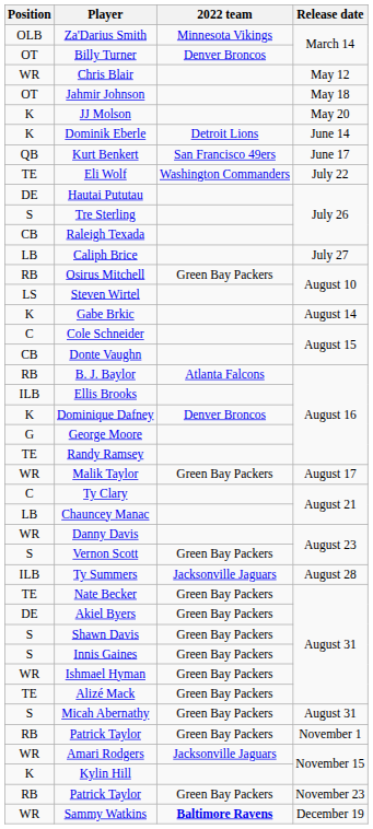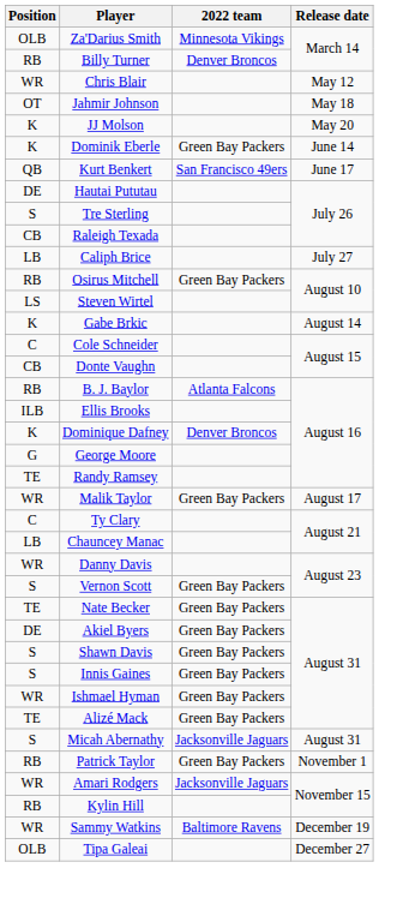 <table class="wikitable" style="text-align:center">
 <tr>
 <th>Position</th>
 <th>Player</th>
 <th>2022 team</th>
 <th>Release date</th>
 </tr>
 <tr>
 <td>OLB</td>
 <td><a href='#'>Za'Darius Smith</a></td>
 <td><a href='#'>Minnesota Vikings</a></td>
 <td rowspan="2">March 14</td>
 </tr>
 <tr>
-<td>OT</td>
+<td>RB</td>
 <td><a href='#'>Billy Turner</a></td>
 <td><a href='#'>Denver Broncos</a></td>
 </tr>
 <tr>
 <td>WR</td>
 <td><a href='#'>Chris Blair</a></td>
 <td></td>
 <td>May 12</td>
 </tr>
 <tr>
 <td>OT</td>
 <td><a href='#'>Jahmir Johnson</a></td>
 <td></td>
 <td>May 18</td>
 </tr>
 <tr>
 <td>K</td>
 <td><a href='#'>JJ Molson</a></td>
 <td></td>
 <td>May 20</td>
 </tr>
 <tr>
 <td>K</td>
 <td><a href='#'>Dominik Eberle</a></td>
-<td><a href='#'>Detroit Lions</a></td>
+<td>Green Bay Packers</td>
 <td>June 14</td>
 </tr>
 <tr>
 <td>QB</td>
 <td><a href='#'>Kurt Benkert</a></td>
 <td><a href='#'>San Francisco 49ers</a></td>
 <td>June 17</td>
-</tr>
-<tr>
-<td>TE</td>
-<td><a href='#'>Eli Wolf</a></td>
-<td><a href='#'>Washington Commanders</a></td>
-<td>July 22</td>
 </tr>
 <tr>
 <td>DE</td>
 <td><a href='#'>Hautai Pututau</a></td>
 <td></td>
 <td rowspan="3">July 26</td>
 </tr>
 <tr>
 <td>S</td>
 <td><a href='#'>Tre Sterling</a></td>
 <td></td>
 </tr>
 <tr>
 <td>CB</td>
 <td><a href='#'>Raleigh Texada</a></td>
 <td></td>
 </tr>
 <tr>
 <td>LB</td>
 <td><a href='#'>Caliph Brice</a></td>
 <td></td>
 <td>July 27</td>
 </tr>
 <tr>
 <td>RB</td>
 <td><a href='#'>Osirus Mitchell</a></td>
 <td>Green Bay Packers</td>
 <td rowspan="2">August 10</td>
 </tr>
 <tr>
 <td>LS</td>
 <td><a href='#'>Steven Wirtel</a></td>
 <td></td>
 </tr>
 <tr>
 <td>K</td>
 <td><a href='#'>Gabe Brkic</a></td>
 <td></td>
 <td>August 14</td>
 </tr>
 <tr>
 <td>C</td>
 <td><a href='#'>Cole Schneider</a></td>
 <td></td>
 <td rowspan="2">August 15</td>
 </tr>
 <tr>
 <td>CB</td>
 <td><a href='#'>Donte Vaughn</a></td>
 <td></td>
 </tr>
 <tr>
 <td>RB</td>
 <td><a href='#'>B. J. Baylor</a></td>
 <td><a href='#'>Atlanta Falcons</a></td>
 <td rowspan="5">August 16</td>
 </tr>
 <tr>
 <td>ILB</td>
 <td><a href='#'>Ellis Brooks</a></td>
 <td></td>
 </tr>
 <tr>
 <td>K</td>
 <td><a href='#'>Dominique Dafney</a></td>
 <td><a href='#'>Denver Broncos</a></td>
 </tr>
 <tr>
 <td>G</td>
 <td><a href='#'>George Moore</a></td>
 <td></td>
 </tr>
 <tr>
 <td>TE</td>
 <td><a href='#'>Randy Ramsey</a></td>
 <td></td>
 </tr>
 <tr>
 <td>WR</td>
 <td><a href='#'>Malik Taylor</a></td>
 <td>Green Bay Packers</td>
 <td>August 17</td>
 </tr>
 <tr>
 <td>C</td>
 <td><a href='#'>Ty Clary</a></td>
 <td></td>
 <td rowspan="2">August 21</td>
 </tr>
 <tr>
 <td>LB</td>
 <td><a href='#'>Chauncey Manac</a></td>
 <td></td>
 </tr>
 <tr>
 <td>WR</td>
 <td><a href='#'>Danny Davis</a></td>
 <td></td>
 <td rowspan="2">August 23</td>
 </tr>
 <tr>
 <td>S</td>
 <td><a href='#'>Vernon Scott</a></td>
 <td>Green Bay Packers</td>
 </tr>
 <tr>
-<td>ILB</td>
-<td><a href='#'>Ty Summers</a></td>
-<td><a href='#'>Jacksonville Jaguars</a></td>
-<td>August 28</td>
-</tr>
-<tr>
 <td>TE</td>
 <td><a href='#'>Nate Becker</a></td>
 <td>Green Bay Packers</td>
 <td rowspan="6">August 31</td>
 </tr>
 <tr>
 <td>DE</td>
 <td><a href='#'>Akiel Byers</a></td>
 <td>Green Bay Packers</td>
 </tr>
 <tr>
 <td>S</td>
 <td><a href='#'>Shawn Davis</a></td>
 <td>Green Bay Packers</td>
 </tr>
 <tr>
 <td>S</td>
 <td><a href='#'>Innis Gaines</a></td>
 <td>Green Bay Packers</td>
 </tr>
 <tr>
 <td>WR</td>
 <td><a href='#'>Ishmael Hyman</a></td>
 <td>Green Bay Packers</td>
 </tr>
 <tr>
 <td>TE</td>
 <td><a href='#'>Alizé Mack</a></td>
 <td>Green Bay Packers</td>
 </tr>
 <tr>
 <td>S</td>
 <td><a href='#'>Micah Abernathy</a></td>
-<td>Green Bay Packers</td>
+<td><a href='#'>Jacksonville Jaguars</a></td>
 <td>August 31</td>
 </tr>
 <tr>
 <td>RB</td>
 <td><a href='#'>Patrick Taylor</a></td>
 <td>Green Bay Packers</td>
 <td>November 1</td>
 </tr>
 <tr>
 <td>WR</td>
 <td><a href='#'>Amari Rodgers</a></td>
 <td><a href='#'>Jacksonville Jaguars</a></td>
 <td rowspan="2">November 15</td>
 </tr>
 <tr>
-<td>K</td>
+<td>RB</td>
 <td><a href='#'>Kylin Hill</a></td>
 <td></td>
 </tr>
 <tr>
-<td>RB</td>
-<td><a href='#'>Patrick Taylor</a></td>
-<td>Green Bay Packers</td>
-<td>November 23</td>
+<td>WR</td>
+<td><a href='#'>Sammy Watkins</a></td>
+<td><a href='#'>Baltimore Ravens</a></td>
+<td>December 19</td>
 </tr>
 <tr>
-<td>WR</td>
-<td><a href='#'>Sammy Watkins</a></td>
-<td><strong><a href='#'>Baltimore Ravens</a></strong></td>
-<td>December 19</td>
+<td>OLB</td>
+<td><a href='#'>Tipa Galeai</a></td>
+<td></td>
+<td>December 27</td>
 </tr>
 </table>
